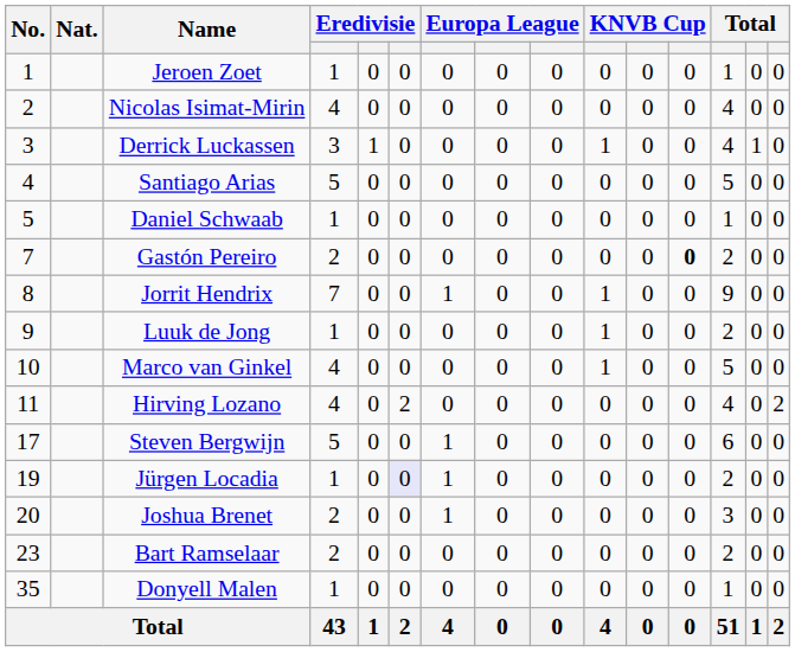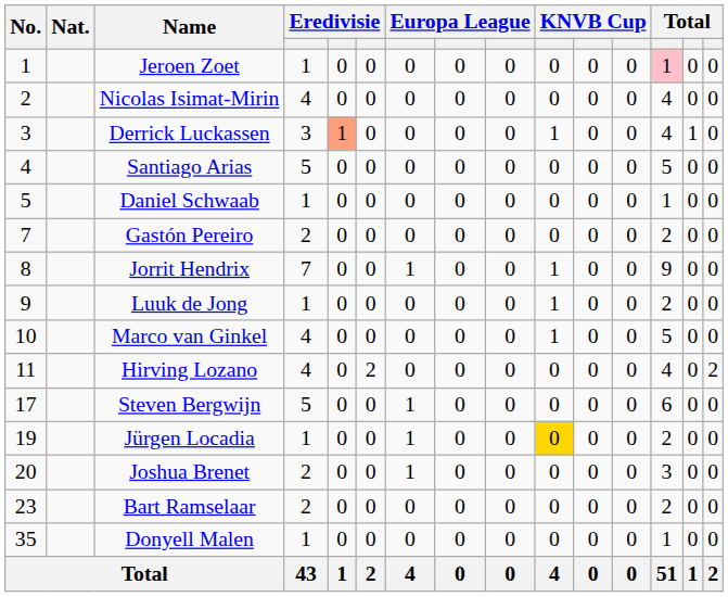 <table class="wikitable sortable" style="text-align: center;">
 <tr>
 <th rowspan="2">No.</th>
 <th rowspan="2">Nat.</th>
 <th rowspan="2">Name</th>
 <th colspan="3"><a href='#'>Eredivisie</a></th>
 <th colspan="3"><a href='#'>Europa League</a></th>
 <th colspan="3"><a href='#'>KNVB Cup</a></th>
 <th colspan="3"><strong>Total</strong></th>
 </tr>
 <tr>
 <th></th>
 <th></th>
 <th></th>
 <th></th>
 <th></th>
 <th></th>
 <th></th>
 <th></th>
 <th></th>
 <th></th>
 <th></th>
 <th></th>
 </tr>
 <tr>
 <td>1</td>
 <td></td>
 <td><a href='#'>Jeroen Zoet</a></td>
 <td>1</td>
 <td>0</td>
 <td>0</td>
 <td>0</td>
 <td>0</td>
 <td>0</td>
 <td>0</td>
 <td>0</td>
 <td>0</td>
-<td>1</td>
+<td style="background: pink;">1</td>
 <td>0</td>
 <td>0</td>
 </tr>
 <tr>
 <td>2</td>
 <td></td>
 <td><a href='#'>Nicolas Isimat-Mirin</a></td>
 <td>4</td>
 <td>0</td>
 <td>0</td>
 <td>0</td>
 <td>0</td>
 <td>0</td>
 <td>0</td>
 <td>0</td>
 <td>0</td>
 <td>4</td>
 <td>0</td>
 <td>0</td>
 </tr>
 <tr>
 <td>3</td>
 <td></td>
 <td><a href='#'>Derrick Luckassen</a></td>
 <td>3</td>
-<td>1</td>
+<td style="background: lightsalmon;">1</td>
 <td>0</td>
 <td>0</td>
 <td>0</td>
 <td>0</td>
 <td>1</td>
 <td>0</td>
 <td>0</td>
 <td>4</td>
 <td>1</td>
 <td>0</td>
 </tr>
 <tr>
 <td>4</td>
 <td></td>
 <td><a href='#'>Santiago Arias</a></td>
 <td>5</td>
 <td>0</td>
 <td>0</td>
 <td>0</td>
 <td>0</td>
 <td>0</td>
 <td>0</td>
 <td>0</td>
 <td>0</td>
 <td>5</td>
 <td>0</td>
 <td>0</td>
 </tr>
 <tr>
 <td>5</td>
 <td></td>
 <td><a href='#'>Daniel Schwaab</a></td>
 <td>1</td>
 <td>0</td>
 <td>0</td>
 <td>0</td>
 <td>0</td>
 <td>0</td>
 <td>0</td>
 <td>0</td>
 <td>0</td>
 <td>1</td>
 <td>0</td>
 <td>0</td>
 </tr>
 <tr>
 <td>7</td>
 <td></td>
 <td><a href='#'>Gastón Pereiro</a></td>
 <td>2</td>
 <td>0</td>
 <td>0</td>
 <td>0</td>
 <td>0</td>
 <td>0</td>
 <td>0</td>
 <td>0</td>
-<td><strong>0</strong></td>
+<td>0</td>
 <td>2</td>
 <td>0</td>
 <td>0</td>
 </tr>
 <tr>
 <td>8</td>
 <td></td>
 <td><a href='#'>Jorrit Hendrix</a></td>
 <td>7</td>
 <td>0</td>
 <td>0</td>
 <td>1</td>
 <td>0</td>
 <td>0</td>
 <td>1</td>
 <td>0</td>
 <td>0</td>
 <td>9</td>
 <td>0</td>
 <td>0</td>
 </tr>
 <tr>
 <td>9</td>
 <td></td>
 <td><a href='#'>Luuk de Jong</a></td>
 <td>1</td>
 <td>0</td>
 <td>0</td>
 <td>0</td>
 <td>0</td>
 <td>0</td>
 <td>1</td>
 <td>0</td>
 <td>0</td>
 <td>2</td>
 <td>0</td>
 <td>0</td>
 </tr>
 <tr>
 <td>10</td>
 <td></td>
 <td><a href='#'>Marco van Ginkel</a></td>
 <td>4</td>
 <td>0</td>
 <td>0</td>
 <td>0</td>
 <td>0</td>
 <td>0</td>
 <td>1</td>
 <td>0</td>
 <td>0</td>
 <td>5</td>
 <td>0</td>
 <td>0</td>
 </tr>
 <tr>
 <td>11</td>
 <td></td>
 <td><a href='#'>Hirving Lozano</a></td>
 <td>4</td>
 <td>0</td>
 <td>2</td>
 <td>0</td>
 <td>0</td>
 <td>0</td>
 <td>0</td>
 <td>0</td>
 <td>0</td>
 <td>4</td>
 <td>0</td>
 <td>2</td>
 </tr>
 <tr>
 <td>17</td>
 <td></td>
 <td><a href='#'>Steven Bergwijn</a></td>
 <td>5</td>
 <td>0</td>
 <td>0</td>
 <td>1</td>
 <td>0</td>
 <td>0</td>
 <td>0</td>
 <td>0</td>
 <td>0</td>
 <td>6</td>
 <td>0</td>
 <td>0</td>
 </tr>
 <tr>
 <td>19</td>
 <td></td>
 <td><a href='#'>Jürgen Locadia</a></td>
 <td>1</td>
 <td>0</td>
-<td style="background: lavender;">0</td>
+<td>0</td>
 <td>1</td>
 <td>0</td>
 <td>0</td>
-<td>0</td>
+<td style="background: gold;">0</td>
 <td>0</td>
 <td>0</td>
 <td>2</td>
 <td>0</td>
 <td>0</td>
 </tr>
 <tr>
 <td>20</td>
 <td></td>
 <td><a href='#'>Joshua Brenet</a></td>
 <td>2</td>
 <td>0</td>
 <td>0</td>
 <td>1</td>
 <td>0</td>
 <td>0</td>
 <td>0</td>
 <td>0</td>
 <td>0</td>
 <td>3</td>
 <td>0</td>
 <td>0</td>
 </tr>
 <tr>
 <td>23</td>
 <td></td>
 <td><a href='#'>Bart Ramselaar</a></td>
 <td>2</td>
 <td>0</td>
 <td>0</td>
 <td>0</td>
 <td>0</td>
 <td>0</td>
 <td>0</td>
 <td>0</td>
 <td>0</td>
 <td>2</td>
 <td>0</td>
 <td>0</td>
 </tr>
 <tr>
 <td>35</td>
 <td></td>
 <td><a href='#'>Donyell Malen</a></td>
 <td>1</td>
 <td>0</td>
 <td>0</td>
 <td>0</td>
 <td>0</td>
 <td>0</td>
 <td>0</td>
 <td>0</td>
 <td>0</td>
 <td>1</td>
 <td>0</td>
 <td>0</td>
 </tr>
 <tr>
 <th colspan=3>Total</th>
 <th>43</th>
 <th>1</th>
 <th>2</th>
 <th>4</th>
 <th>0</th>
 <th>0</th>
 <th>4</th>
 <th>0</th>
 <th>0</th>
 <th>51</th>
 <th>1</th>
 <th>2</th>
 </tr>
 </table>
